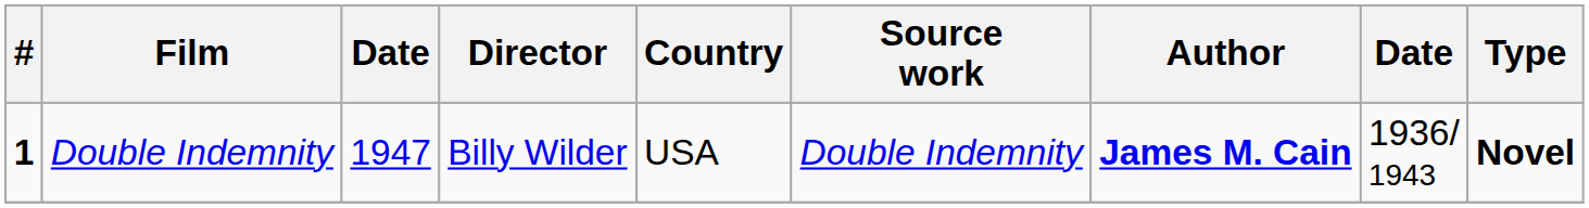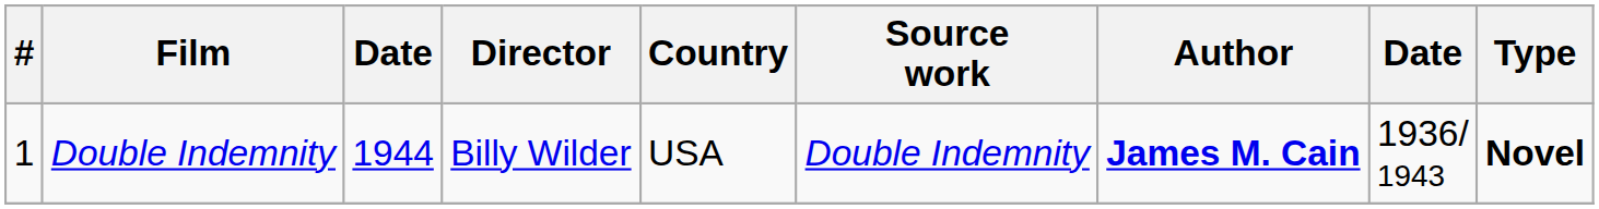 <table class="wikitable">
 <tr>
 <th>#</th>
 <th>Film</th>
 <th>Date</th>
 <th>Director</th>
 <th>Country</th>
 <th>Source<br>work</th>
 <th>Author</th>
 <th>Date</th>
 <th>Type</th>
 </tr>
 <tr>
-<td><strong>1</strong></td>
+<td>1</td>
 <td><em><a href='#'>Double Indemnity</a></em></td>
-<td><a href='#'>1947</a></td>
+<td><a href='#'>1944</a></td>
 <td><a href='#'>Billy Wilder</a></td>
 <td>USA</td>
 <td><em><a href='#'>Double Indemnity</a></em></td>
 <td><strong><a href='#'>James M. Cain</a></strong></td>
 <td>1936/<br><small>1943</small></td>
 <td><strong>Novel</strong></td>
 </tr>
 <tr>
 </tr>
 </table>
